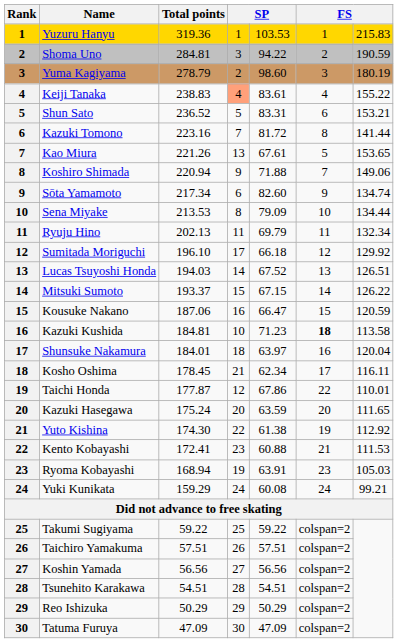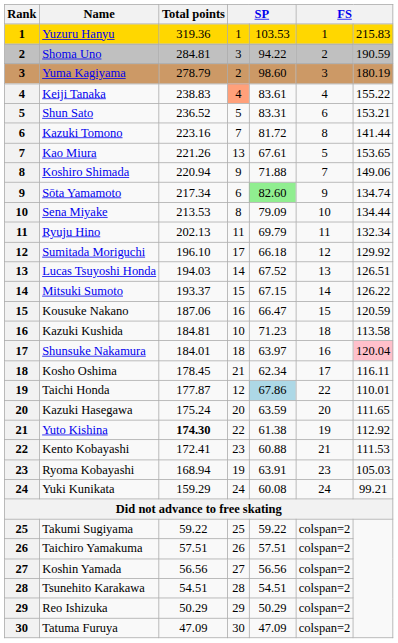 <table class="wikitable sortable">
 <tr>
 <th>Rank</th>
 <th>Name</th>
 <th>Total points</th>
 <th colspan="2" width="80px"><a href='#'>SP</a></th>
 <th colspan="2" width="80px"><a href='#'>FS</a></th>
 </tr>
 <tr bgcolor="gold">
 <td align="center"><strong>1</strong></td>
 <td><a href='#'>Yuzuru Hanyu</a></td>
 <td align="center">319.36</td>
 <td align="center">1</td>
 <td align="center">103.53</td>
 <td align="center">1</td>
 <td align="center">215.83</td>
 </tr>
 <tr bgcolor="silver">
 <td align="center"><strong>2</strong></td>
 <td><a href='#'>Shoma Uno</a></td>
 <td align="center">284.81</td>
 <td align="center">3</td>
 <td align="center">94.22</td>
 <td align="center">2</td>
 <td align="center">190.59</td>
 </tr>
 <tr bgcolor="cc9966">
 <td align="center"><strong>3</strong></td>
 <td><a href='#'>Yuma Kagiyama</a></td>
 <td align="center">278.79</td>
 <td align="center">2</td>
 <td align="center">98.60</td>
 <td align="center">3</td>
 <td align="center">180.19</td>
 </tr>
 <tr>
 <th>4</th>
 <td><a href='#'>Keiji Tanaka</a></td>
 <td align="center">238.83</td>
 <td align="center" style="background: lightsalmon;">4</td>
 <td align="center">83.61</td>
 <td align="center">4</td>
 <td align="center">155.22</td>
 </tr>
 <tr>
 <th>5</th>
 <td><a href='#'>Shun Sato</a></td>
 <td align="center">236.52</td>
 <td align="center">5</td>
 <td align="center">83.31</td>
 <td align="center">6</td>
 <td align="center">153.21</td>
 </tr>
 <tr>
 <th>6</th>
 <td><a href='#'>Kazuki Tomono</a></td>
 <td align="center">223.16</td>
 <td align="center">7</td>
 <td align="center">81.72</td>
 <td align="center">8</td>
 <td align="center">141.44</td>
 </tr>
 <tr>
 <th>7</th>
 <td><a href='#'>Kao Miura</a></td>
 <td align="center">221.26</td>
 <td align="center">13</td>
 <td align="center">67.61</td>
 <td align="center">5</td>
 <td align="center">153.65</td>
 </tr>
 <tr>
 <th>8</th>
 <td><a href='#'>Koshiro Shimada</a></td>
 <td align="center">220.94</td>
 <td align="center">9</td>
 <td align="center">71.88</td>
 <td align="center">7</td>
 <td align="center">149.06</td>
 </tr>
 <tr>
 <th>9</th>
 <td><a href='#'>Sōta Yamamoto</a></td>
 <td align="center">217.34</td>
 <td align="center">6</td>
-<td align="center">82.60</td>
+<td align="center" style="background: lightgreen;">82.60</td>
 <td align="center">9</td>
 <td align="center">134.74</td>
 </tr>
 <tr>
 <th>10</th>
 <td><a href='#'>Sena Miyake</a></td>
 <td align="center">213.53</td>
 <td align="center">8</td>
 <td align="center">79.09</td>
 <td align="center">10</td>
 <td align="center">134.44</td>
 </tr>
 <tr>
 <th>11</th>
 <td><a href='#'>Ryuju Hino</a></td>
 <td align="center">202.13</td>
 <td align="center">11</td>
 <td align="center">69.79</td>
 <td align="center">11</td>
 <td align="center">132.34</td>
 </tr>
 <tr>
 <th>12</th>
 <td><a href='#'>Sumitada Moriguchi</a></td>
 <td align="center">196.10</td>
 <td align="center">17</td>
 <td align="center">66.18</td>
 <td align="center">12</td>
 <td align="center">129.92</td>
 </tr>
 <tr>
 <th>13</th>
 <td><a href='#'>Lucas Tsuyoshi Honda</a></td>
 <td align="center">194.03</td>
 <td align="center">14</td>
 <td align="center">67.52</td>
 <td align="center">13</td>
 <td align="center">126.51</td>
 </tr>
 <tr>
 <th>14</th>
 <td><a href='#'>Mitsuki Sumoto</a></td>
 <td align="center">193.37</td>
 <td align="center">15</td>
 <td align="center">67.15</td>
 <td align="center">14</td>
 <td align="center">126.22</td>
 </tr>
 <tr>
 <th>15</th>
 <td>Kousuke Nakano</td>
 <td align="center">187.06</td>
 <td align="center">16</td>
 <td align="center">66.47</td>
 <td align="center">15</td>
 <td align="center">120.59</td>
 </tr>
 <tr>
 <th>16</th>
 <td>Kazuki Kushida</td>
 <td align="center">184.81</td>
 <td align="center">10</td>
 <td align="center">71.23</td>
-<td align="center"><strong>18</strong></td>
+<td align="center">18</td>
 <td align="center">113.58</td>
 </tr>
 <tr>
 <th>17</th>
 <td><a href='#'>Shunsuke Nakamura</a></td>
 <td align="center">184.01</td>
 <td align="center">18</td>
 <td align="center">63.97</td>
 <td align="center">16</td>
-<td align="center">120.04</td>
+<td align="center" style="background: pink;">120.04</td>
 </tr>
 <tr>
 <th>18</th>
 <td>Kosho Oshima</td>
 <td align="center">178.45</td>
 <td align="center">21</td>
 <td align="center">62.34</td>
 <td align="center">17</td>
 <td align="center">116.11</td>
 </tr>
 <tr>
 <th>19</th>
 <td>Taichi Honda</td>
 <td align="center">177.87</td>
 <td align="center">12</td>
-<td align="center">67.86</td>
+<td align="center" style="background: lightblue;">67.86</td>
 <td align="center">22</td>
 <td align="center">110.01</td>
 </tr>
 <tr>
 <th>20</th>
 <td>Kazuki Hasegawa</td>
 <td align="center">175.24</td>
 <td align="center">20</td>
 <td align="center">63.59</td>
 <td align="center">20</td>
 <td align="center">111.65</td>
 </tr>
 <tr>
 <th>21</th>
 <td><a href='#'>Yuto Kishina</a></td>
-<td align="center">174.30</td>
+<td align="center"><strong>174.30</strong></td>
 <td align="center">22</td>
 <td align="center">61.38</td>
 <td align="center">19</td>
 <td align="center">112.92</td>
 </tr>
 <tr>
 <th>22</th>
 <td>Kento Kobayashi</td>
 <td align="center">172.41</td>
 <td align="center">23</td>
 <td align="center">60.88</td>
 <td align="center">21</td>
 <td align="center">111.53</td>
 </tr>
 <tr>
 <th>23</th>
 <td>Ryoma Kobayashi</td>
 <td align="center">168.94</td>
 <td align="center">19</td>
 <td align="center">63.91</td>
 <td align="center">23</td>
 <td align="center">105.03</td>
 </tr>
 <tr>
 <th>24</th>
 <td>Yuki Kunikata</td>
 <td align="center">159.29</td>
 <td align="center">24</td>
 <td align="center">60.08</td>
 <td align="center">24</td>
 <td align="center">99.21</td>
 </tr>
 <tr>
 <th colspan=8>Did not advance to free skating</th>
 </tr>
 <tr>
 <th>25</th>
 <td>Takumi Sugiyama</td>
 <td align="center">59.22</td>
 <td align="center">25</td>
 <td align="center">59.22</td>
 <td>colspan=2 </td>
 </tr>
 <tr>
 <th>26</th>
 <td>Taichiro Yamakuma</td>
 <td align="center">57.51</td>
 <td align="center">26</td>
 <td align="center">57.51</td>
 <td>colspan=2 </td>
 </tr>
 <tr>
 <th>27</th>
 <td>Koshin Yamada</td>
 <td align="center">56.56</td>
 <td align="center">27</td>
 <td align="center">56.56</td>
 <td>colspan=2 </td>
 </tr>
 <tr>
 <th>28</th>
 <td>Tsunehito Karakawa</td>
 <td align="center">54.51</td>
 <td align="center">28</td>
 <td align="center">54.51</td>
 <td>colspan=2 </td>
 </tr>
 <tr>
 <th>29</th>
 <td>Reo Ishizuka</td>
 <td align="center">50.29</td>
 <td align="center">29</td>
 <td align="center">50.29</td>
 <td>colspan=2 </td>
 </tr>
 <tr>
 <th>30</th>
 <td>Tatuma Furuya</td>
 <td align="center">47.09</td>
 <td align="center">30</td>
 <td align="center">47.09</td>
 <td>colspan=2 </td>
 </tr>
 </table>
